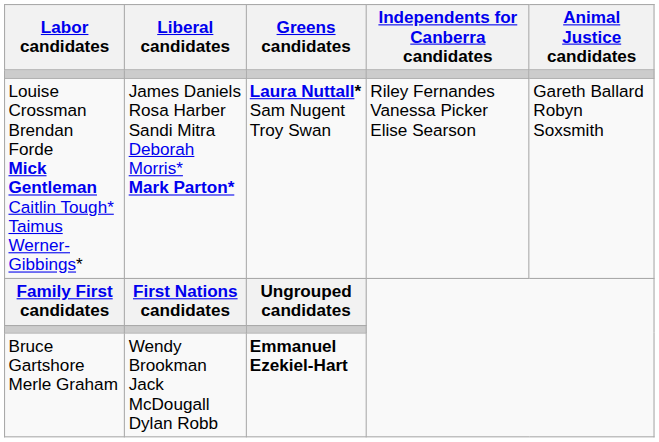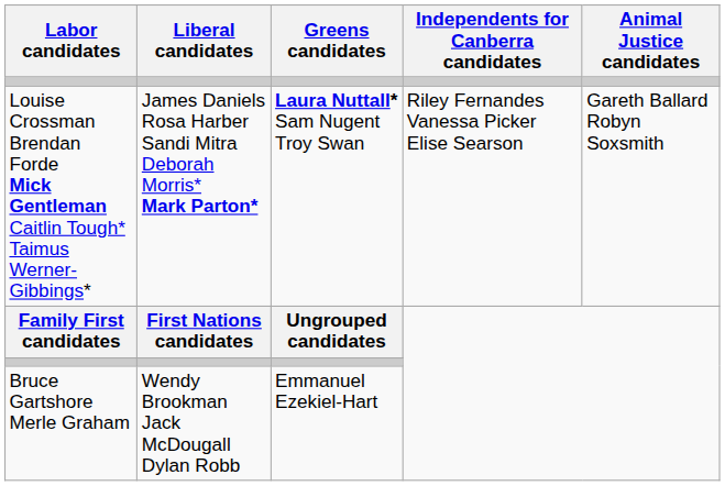 <table class="wikitable">
 <tr>
 <th><a href='#'>Labor</a> candidates</th>
 <th><a href='#'>Liberal</a> candidates</th>
 <th><a href='#'>Greens</a> candidates</th>
 <th><a href='#'>Independents for Canberra</a> candidates</th>
 <th><a href='#'>Animal Justice</a> candidates</th>
 </tr>
 <tr bgcolor="#cccccc">
 <td></td>
 <td></td>
 <td></td>
 <td></td>
 <td></td>
 </tr>
 <tr>
 <td valign=top>Louise Crossman<br>Brendan Forde<br><strong><a href='#'>Mick Gentleman</a></strong><br><a href='#'>Caitlin Tough*</a><br><a href='#'>Taimus Werner-Gibbings</a>*</td>
 <td valign=top>James Daniels<br>Rosa Harber<br>Sandi Mitra<br><a href='#'>Deborah Morris*</a><br><strong><a href='#'>Mark Parton*</a></strong></td>
 <td valign=top><strong><a href='#'>Laura Nuttall</a>*</strong><br>Sam Nugent<br>Troy Swan</td>
 <td valign=top>Riley Fernandes<br>Vanessa Picker<br>Elise Searson</td>
 <td valign=top>Gareth Ballard<br>Robyn Soxsmith</td>
 </tr>
 <tr bgcolor="#cccccc">
 <th><a href='#'>Family First</a> candidates</th>
 <th><a href='#'>First Nations</a> candidates</th>
 <th>Ungrouped candidates</th>
 </tr>
 <tr bgcolor="#cccccc">
 <td></td>
 <td></td>
 <td></td>
 </tr>
 <tr>
 <td valign=top>Bruce Gartshore<br>Merle Graham</td>
 <td valign=top>Wendy Brookman<br>Jack McDougall<br>Dylan Robb</td>
-<td valign=top><strong>Emmanuel Ezekiel-Hart</strong></td>
+<td valign=top>Emmanuel Ezekiel-Hart</td>
 </tr>
 </table>
